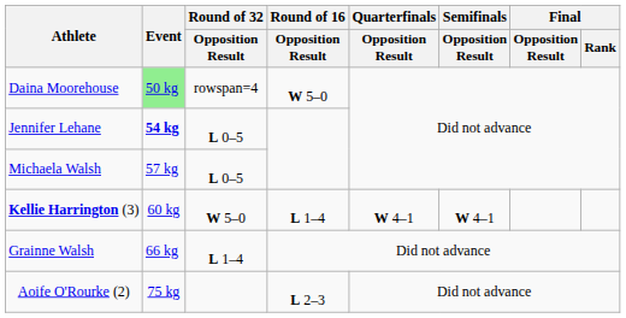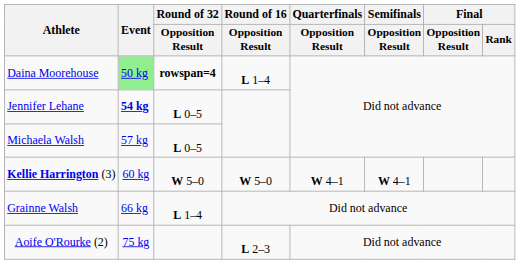 <table class="wikitable" style="font-size:90%">
 <tr>
 <th rowspan="2">Athlete</th>
 <th rowspan="2">Event</th>
 <th>Round of 32</th>
 <th>Round of 16</th>
 <th>Quarterfinals</th>
 <th>Semifinals</th>
 <th colspan=2>Final</th>
 </tr>
 <tr style="font-size:95%">
 <th>Opposition<br>Result</th>
 <th>Opposition<br>Result</th>
 <th>Opposition<br>Result</th>
 <th>Opposition<br>Result</th>
 <th>Opposition<br>Result</th>
 <th>Rank</th>
 </tr>
 <tr align=center>
 <td align=left><a href='#'>Daina Moorehouse</a></td>
 <td align=left style="background: lightgreen;"><a href='#'>50 kg</a></td>
-<td>rowspan=4 </td>
-<td><br><strong>W</strong> 5–0</td>
+<td><strong>rowspan=4 </strong></td>
+<td><br><strong>L</strong> 1–4</td>
 <td colspan=4 rowspan=3>Did not advance</td>
 </tr>
 <tr align=center>
 <td align=left><a href='#'>Jennifer Lehane</a></td>
 <td align=left><strong><a href='#'>54 kg</a></strong></td>
 <td><br><strong>L</strong> 0–5</td>
 </tr>
 <tr align=center>
 <td align=left><a href='#'>Michaela Walsh</a></td>
 <td align=left><a href='#'>57 kg</a></td>
 <td><br><strong>L</strong> 0–5</td>
 </tr>
 <tr align=center>
 <td><strong><a href='#'>Kellie Harrington</a></strong> (3)</td>
 <td><a href='#'>60 kg</a></td>
 <td><br> <strong>W</strong> 5–0</td>
-<td><br><strong>L</strong> 1–4</td>
+<td><br><strong>W</strong> 5–0</td>
 <td><br><strong>W</strong> 4–1</td>
 <td><br><strong>W</strong> 4–1</td>
 <td></td>
 </tr>
 <tr align=center>
 <td align=left><a href='#'>Grainne Walsh</a></td>
 <td align=left><a href='#'>66 kg</a></td>
 <td><br> <strong>L</strong> 1–4</td>
 <td colspan=5>Did not advance</td>
 </tr>
 <tr align=center>
 <td><a href='#'>Aoife O'Rourke</a> (2)</td>
 <td><a href='#'>75 kg</a></td>
 <td></td>
 <td><br><strong>L</strong> 2–3</td>
 <td colspan="4">Did not advance</td>
 </tr>
 </table>
